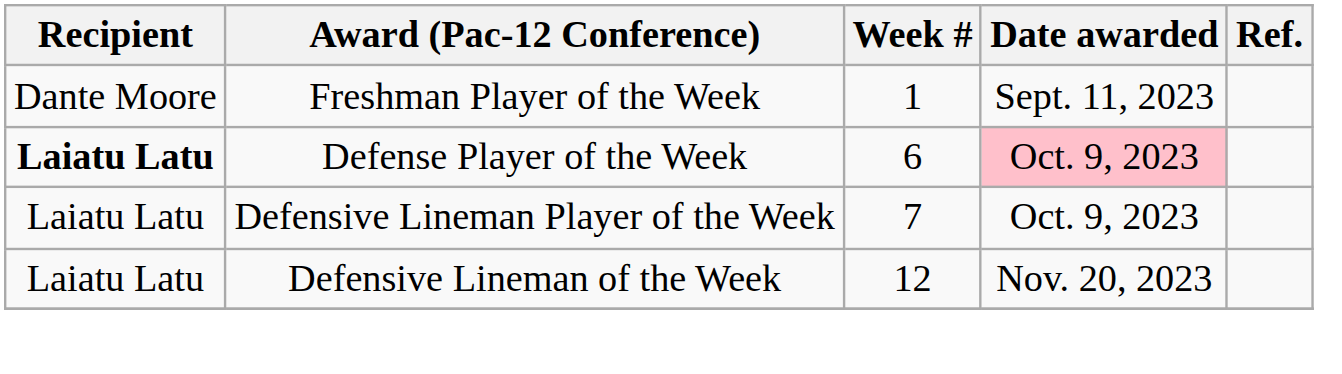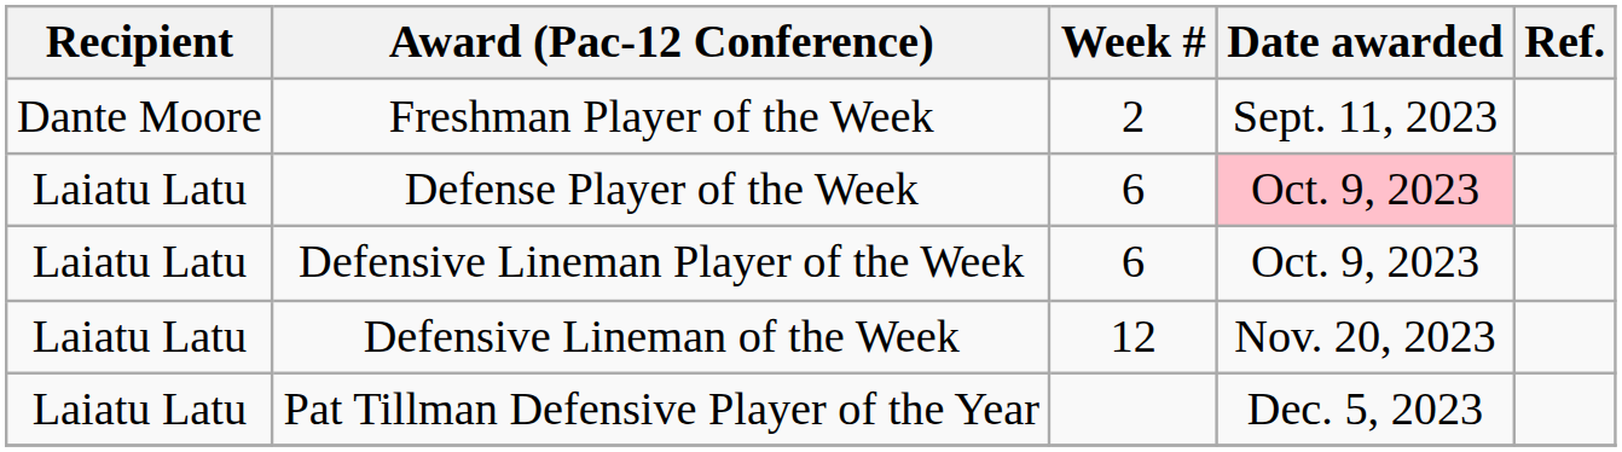 <table class="wikitable sortable" style="text-align:center">
 <tr>
 <th>Recipient</th>
 <th>Award (Pac-12 Conference)</th>
 <th>Week #</th>
 <th>Date awarded</th>
 <th>Ref.</th>
 </tr>
 <tr>
 <td>Dante Moore</td>
 <td>Freshman Player of the Week</td>
-<td>1</td>
+<td>2</td>
 <td>Sept. 11, 2023</td>
 <td></td>
 </tr>
 <tr>
-<td><strong>Laiatu Latu</strong></td>
+<td>Laiatu Latu</td>
 <td>Defense Player of the Week</td>
 <td>6</td>
 <td style="background: pink;">Oct. 9, 2023</td>
 <td></td>
 </tr>
 <tr>
 <td>Laiatu Latu</td>
 <td>Defensive Lineman Player of the Week</td>
-<td>7</td>
+<td>6</td>
 <td>Oct. 9, 2023</td>
 <td></td>
 </tr>
 <tr>
 <td>Laiatu Latu</td>
 <td>Defensive Lineman of the Week</td>
 <td>12</td>
 <td>Nov. 20, 2023</td>
 <td></td>
 </tr>
 <tr>
+<td>Laiatu Latu</td>
+<td>Pat Tillman Defensive Player of the Year</td>
+<td></td>
+<td>Dec. 5, 2023</td>
+<td></td>
+</tr>
+<tr>
 </tr>
 </table>
